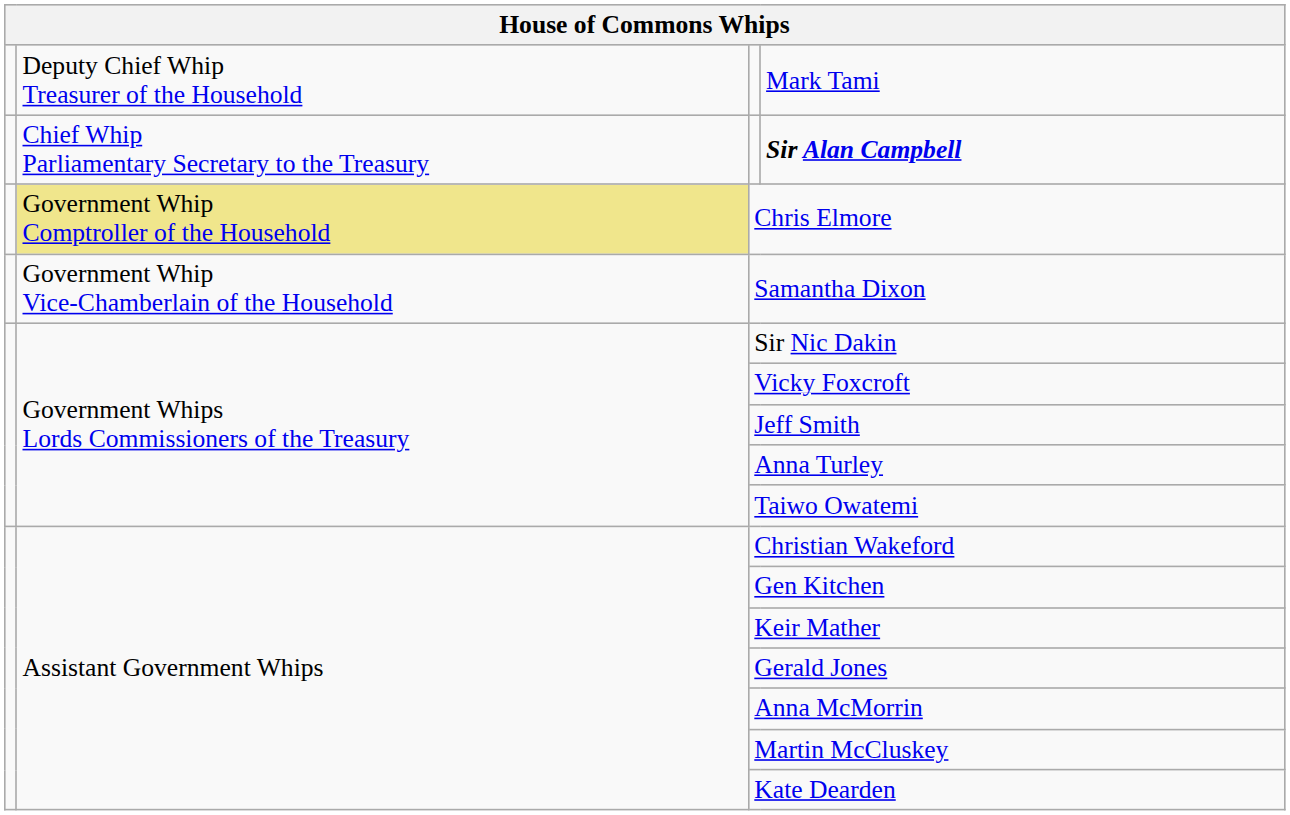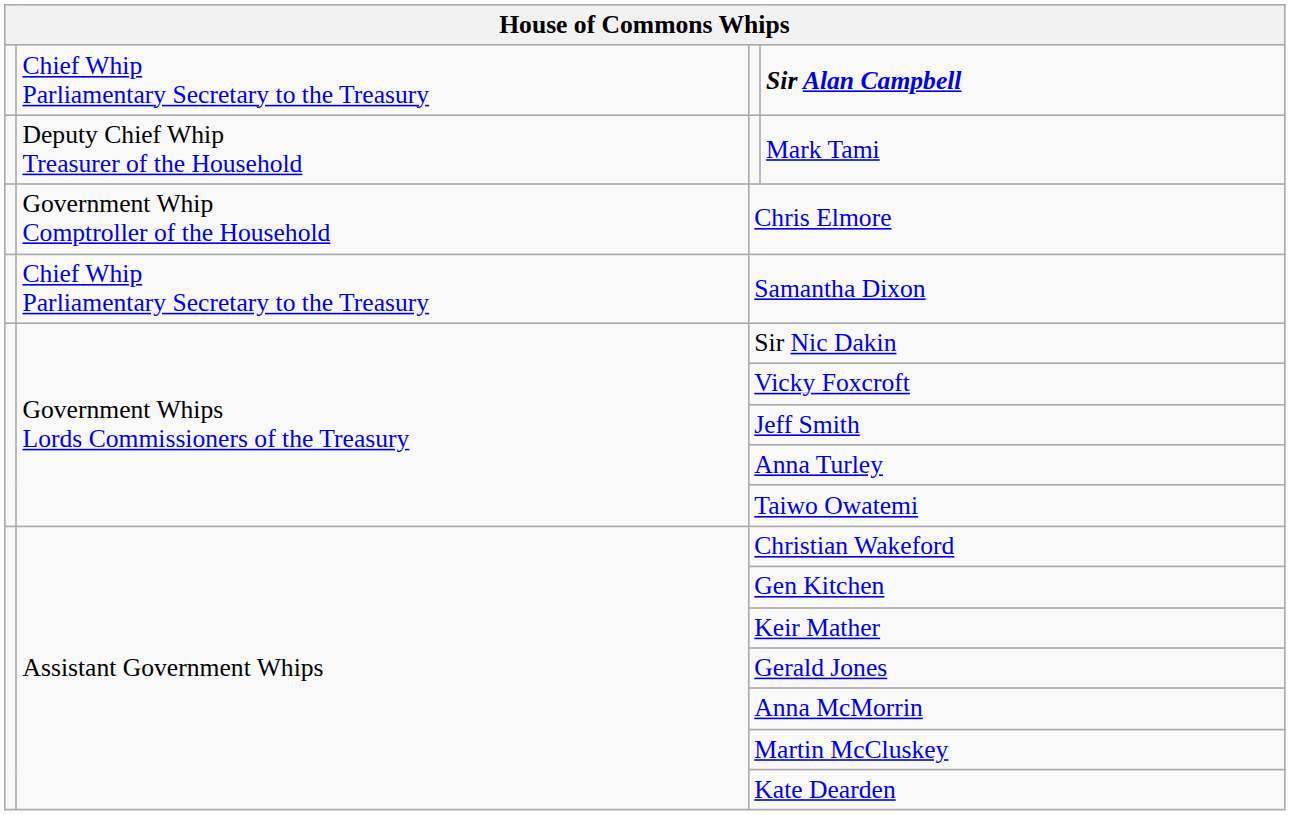 <table class="wikitable">
 <tr>
 <th colspan="4">House of Commons Whips</th>
+</tr>
+<tr>
+<td style="background: "></td>
+<td style="width: 450px;"><a href='#'>Chief Whip</a><br><a href='#'>Parliamentary Secretary to the Treasury</a></td>
+<td style="background: "></td>
+<td style="width: 320px;"><strong><em>Sir <a href='#'>Alan Campbell</a></em></strong></td>
 </tr>
 <tr>
 <td style="background: "></td>
 <td>Deputy Chief Whip<br><a href='#'>Treasurer of the Household</a></td>
 <td style="background: "></td>
 <td><a href='#'>Mark Tami</a></td>
 </tr>
 <tr>
 <td style="background: "></td>
-<td style="width: 450px;"><a href='#'>Chief Whip</a><br><a href='#'>Parliamentary Secretary to the Treasury</a></td>
-<td style="background: "></td>
-<td style="width: 320px;"><strong><em>Sir <a href='#'>Alan Campbell</a></em></strong></td>
-</tr>
-<tr>
-<td style="background: "></td>
-<td style="background: khaki;">Government Whip<br><a href='#'>Comptroller of the Household</a></td>
+<td>Government Whip<br><a href='#'>Comptroller of the Household</a></td>
 <td colspan="2"><a href='#'>Chris Elmore</a></td>
 </tr>
 <tr>
 <td style="background: "></td>
-<td>Government Whip<br><a href='#'>Vice-Chamberlain of the Household</a></td>
+<td style="width: 450px;"><a href='#'>Chief Whip</a><br><a href='#'>Parliamentary Secretary to the Treasury</a></td>
 <td colspan="2"><a href='#'>Samantha Dixon</a> </td>
 </tr>
 <tr>
 <td rowspan=5 style="background: "></td>
 <td rowspan=5>Government Whips<br><a href='#'>Lords Commissioners of the Treasury</a></td>
 <td colspan="2">Sir <a href='#'>Nic Dakin</a><br></td>
 </tr>
 <tr>
 <td colspan="2"><a href='#'>Vicky Foxcroft</a></td>
 </tr>
 <tr>
 <td colspan="2"><a href='#'>Jeff Smith</a></td>
 </tr>
 <tr>
 <td colspan="2"><a href='#'>Anna Turley</a></td>
 </tr>
 <tr>
 <td colspan="2"><a href='#'>Taiwo Owatemi</a></td>
 </tr>
 <tr>
 <td rowspan=7 style="background: "></td>
 <td rowspan=7>Assistant Government Whips</td>
 <td colspan="2"><a href='#'>Christian Wakeford</a></td>
 </tr>
 <tr>
 <td colspan="2"><a href='#'>Gen Kitchen</a></td>
 </tr>
 <tr>
 <td colspan="2"><a href='#'>Keir Mather</a></td>
 </tr>
 <tr>
 <td colspan="2"><a href='#'>Gerald Jones</a></td>
 </tr>
 <tr>
 <td colspan="2"><a href='#'>Anna McMorrin</a></td>
 </tr>
 <tr>
 <td colspan=2><a href='#'>Martin McCluskey</a></td>
 </tr>
 <tr>
 <td colspan=2><a href='#'>Kate Dearden</a></td>
 </tr>
 </table>
